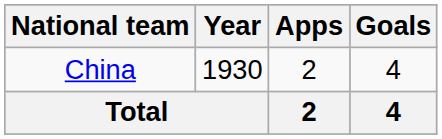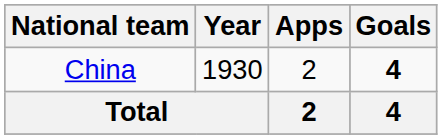 <table class="wikitable" style="text-align:center">
 <tr>
 <th>National team</th>
 <th>Year</th>
 <th>Apps</th>
 <th>Goals</th>
 </tr>
 <tr>
 <td><a href='#'>China</a></td>
 <td>1930</td>
 <td>2</td>
-<td>4</td>
+<td><strong>4</strong></td>
 </tr>
 <tr>
 <th colspan=2>Total</th>
 <th>2</th>
 <th>4</th>
 </tr>
 </table>
